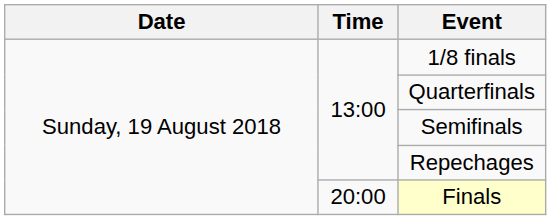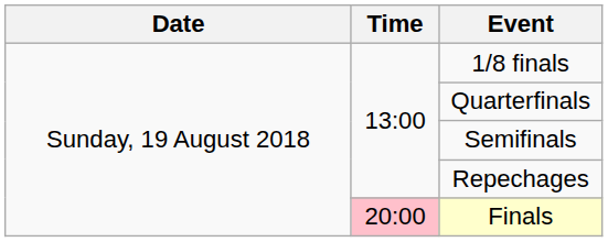 <table class = "wikitable" style="text-align:center;">
 <tr>
 <th width=220>Date</th>
 <th width=50>Time</th>
 <th width=100>Event</th>
 </tr>
 <tr>
 <td rowspan=5>Sunday, 19 August 2018</td>
 <td rowspan=4>13:00</td>
 <td>1/8 finals</td>
 </tr>
 <tr>
 <td>Quarterfinals</td>
 </tr>
 <tr>
 <td>Semifinals</td>
 </tr>
 <tr>
 <td>Repechages</td>
 </tr>
 <tr>
-<td>20:00</td>
+<td style="background: pink;">20:00</td>
 <td bgcolor=ffffcc>Finals</td>
 </tr>
 </table>
